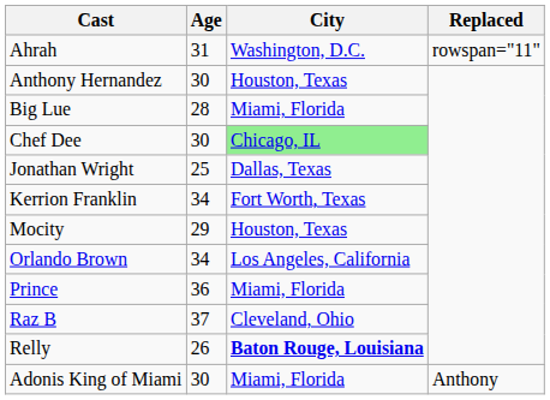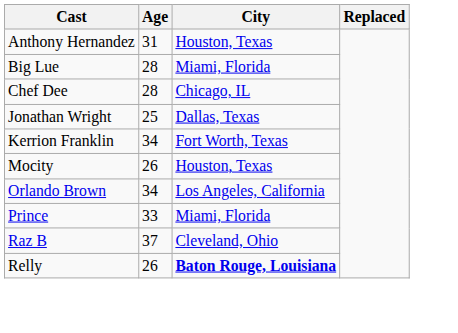 <table class="wikitable">
 <tr>
 <th>Cast</th>
 <th>Age</th>
 <th>City</th>
 <th>Replaced</th>
 </tr>
 <tr>
-<td>Ahrah</td>
+<td>Anthony Hernandez</td>
 <td>31</td>
-<td><a href='#'>Washington, D.C.</a></td>
-<td>rowspan="11" </td>
-</tr>
-<tr>
-<td>Anthony Hernandez</td>
-<td>30</td>
 <td><a href='#'>Houston, Texas</a></td>
 </tr>
 <tr>
 <td>Big Lue</td>
 <td>28</td>
 <td><a href='#'>Miami, Florida</a></td>
 </tr>
 <tr>
 <td>Chef Dee</td>
-<td>30</td>
-<td style="background: lightgreen;"><a href='#'>Chicago, IL</a></td>
+<td>28</td>
+<td><a href='#'>Chicago, IL</a></td>
 </tr>
 <tr>
 <td>Jonathan Wright</td>
 <td>25</td>
 <td><a href='#'>Dallas, Texas</a></td>
 </tr>
 <tr>
 <td>Kerrion Franklin</td>
 <td>34</td>
 <td><a href='#'>Fort Worth, Texas</a></td>
 </tr>
 <tr>
 <td>Mocity</td>
-<td>29</td>
+<td>26</td>
 <td><a href='#'>Houston, Texas</a></td>
 </tr>
 <tr>
 <td><a href='#'>Orlando Brown</a></td>
 <td>34</td>
 <td><a href='#'>Los Angeles, California</a></td>
 </tr>
 <tr>
 <td><a href='#'>Prince</a></td>
-<td>36</td>
+<td>33</td>
 <td><a href='#'>Miami, Florida</a></td>
 </tr>
 <tr>
 <td><a href='#'>Raz B</a></td>
 <td>37</td>
 <td><a href='#'>Cleveland, Ohio</a></td>
 </tr>
 <tr>
 <td>Relly</td>
 <td>26</td>
 <td><strong><a href='#'>Baton Rouge, Louisiana</a></strong></td>
 </tr>
-<tr>
-<td>Adonis King of Miami</td>
-<td>30</td>
-<td><a href='#'>Miami, Florida</a></td>
-<td>Anthony</td>
-</tr>
 </table>
